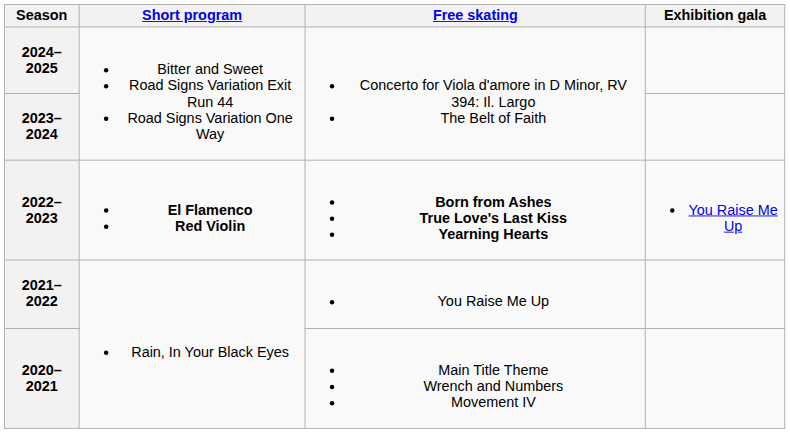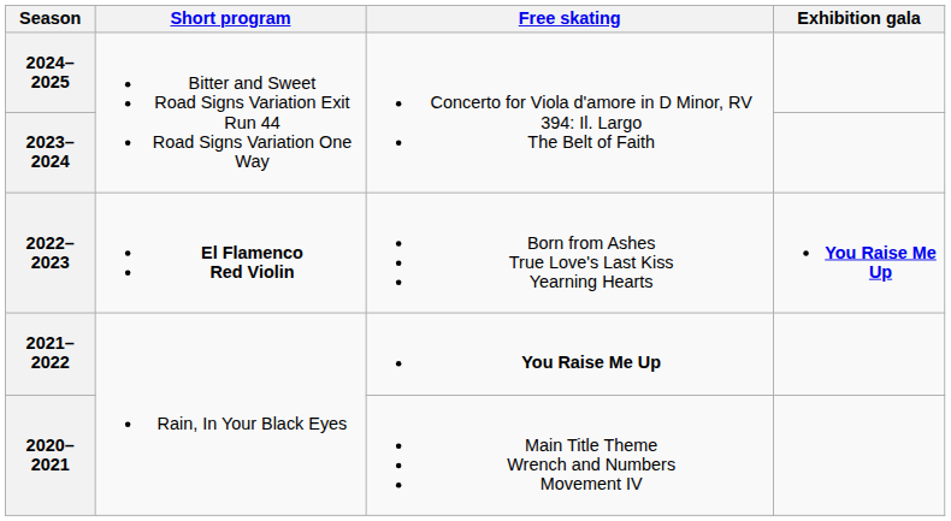 <table class=wikitable style=text-align:center>
 <tr>
 <th>Season</th>
 <th><a href='#'>Short program</a></th>
 <th><a href='#'>Free skating</a></th>
 <th>Exhibition gala</th>
 </tr>
 <tr>
 <th>2024–2025 <br></th>
 <td rowspan=2><br><ul><li>Bitter and Sweet</li><li>Road Signs Variation Exit Run 44</li><li>Road Signs Variation One Way <br></li></ul></td>
 <td rowspan=2><br><ul><li>Concerto for Viola d'amore in D Minor, RV 394: Il. Largo <br></li><li>The Belt of Faith <br></li></ul></td>
 </tr>
 <tr>
 <th>2023–2024 <br></th>
 <td></td>
 </tr>
 <tr>
 <th>2022–2023 <br></th>
 <td><strong><br><ul><li>El Flamenco</li><li>Red Violin <br></li></ul></strong></td>
-<td><strong><br><ul><li>Born from Ashes</li><li>True Love's Last Kiss</li><li>Yearning Hearts <br></li></ul></strong></td>
-<td><br><ul><li><a href='#'>You Raise Me Up</a> <br></li></ul></td>
+<td><br><ul><li>Born from Ashes</li><li>True Love's Last Kiss</li><li>Yearning Hearts <br></li></ul></td>
+<td><strong><br><ul><li><a href='#'>You Raise Me Up</a> <br></li></ul></strong></td>
 </tr>
 <tr>
 <th>2021–2022 <br></th>
 <td rowspan=2><br><ul><li>Rain, In Your Black Eyes <br></li></ul></td>
-<td><br><ul><li>You Raise Me Up <br></li></ul></td>
+<td><strong><br><ul><li>You Raise Me Up <br></li></ul></strong></td>
 <td></td>
 </tr>
 <tr>
 <th>2020–2021 <br></th>
 <td><br><ul><li>Main Title Theme <br></li><li>Wrench and Numbers <br></li><li>Movement IV <br></li></ul></td>
 </tr>
 </table>
